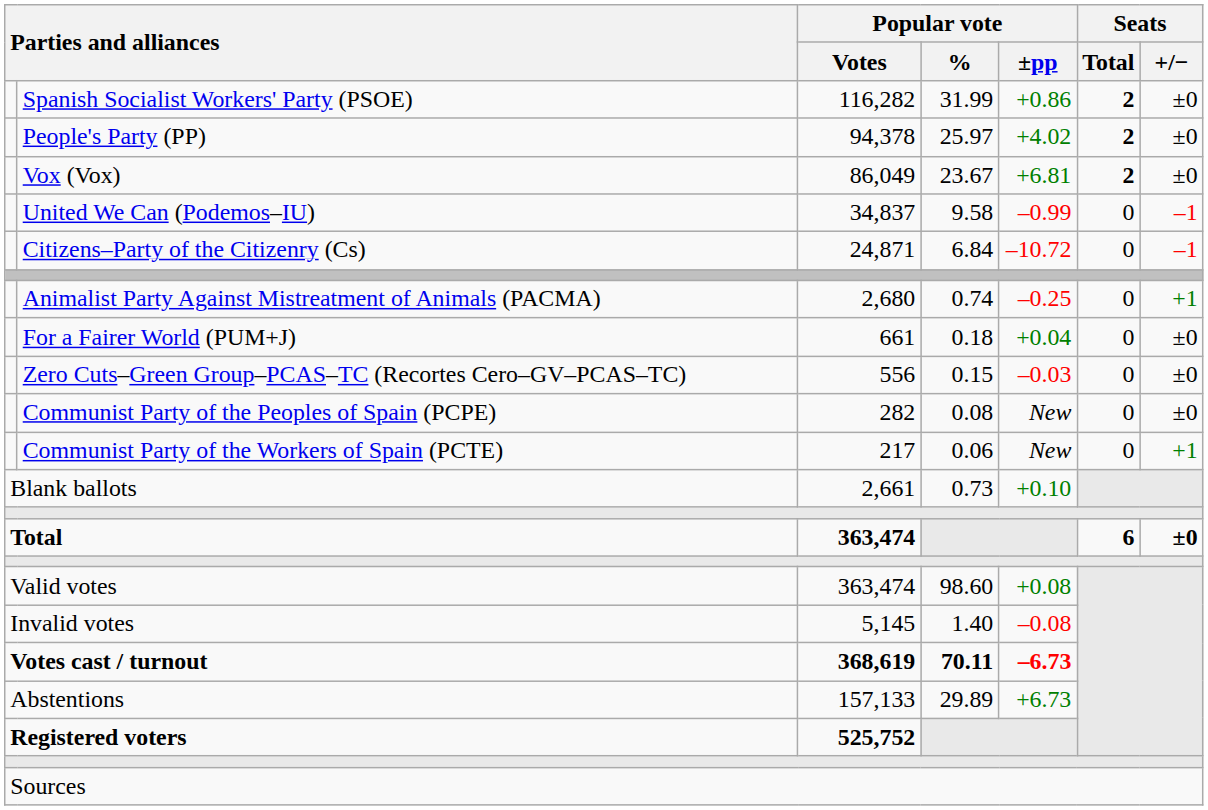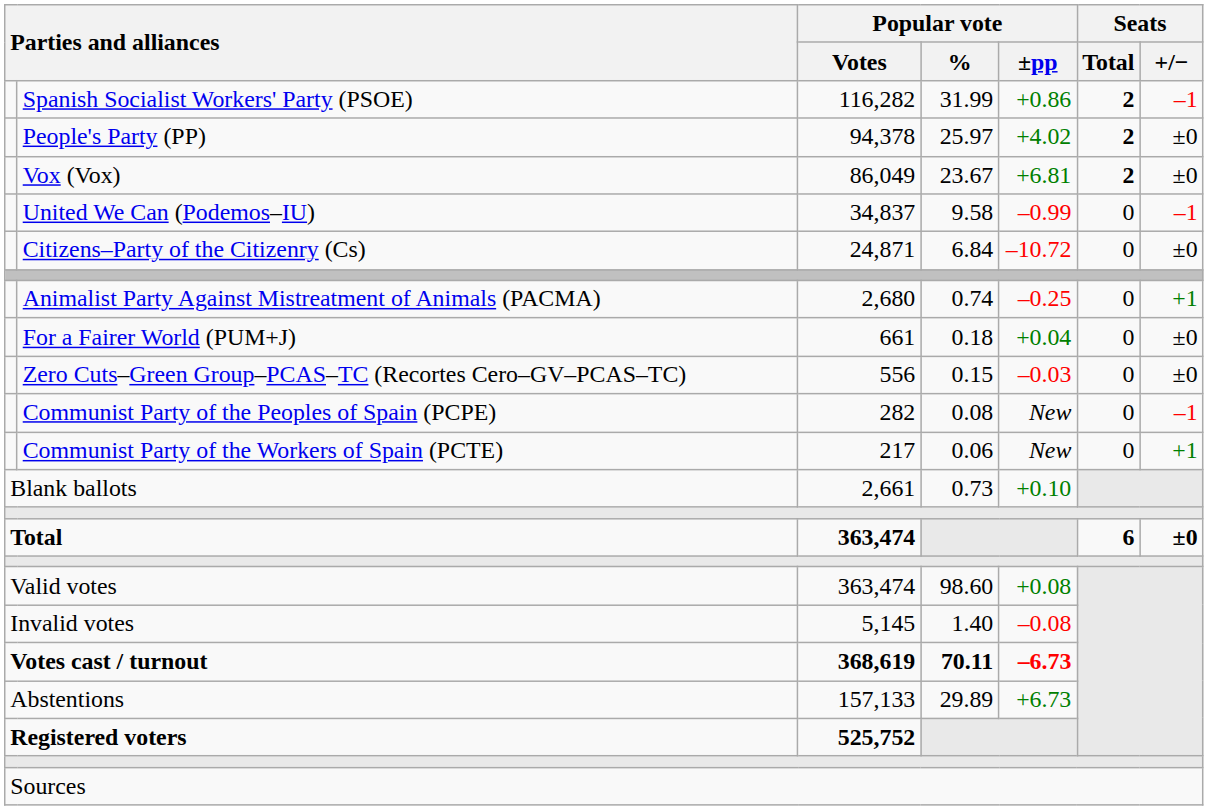 <table class="wikitable" style="text-align:right;">
 <tr>
 <th style="text-align:left;" rowspan="2" colspan="2" width="525">Parties and alliances</th>
 <th colspan="3">Popular vote</th>
 <th colspan="2">Seats</th>
 </tr>
 <tr>
 <th width="75">Votes</th>
 <th width="45">%</th>
 <th width="45">±<a href='#'>pp</a></th>
 <th width="35">Total</th>
 <th width="35">+/−</th>
 </tr>
 <tr>
 <td width="1" style="color:inherit;background:"></td>
 <td align="left"><a href='#'>Spanish Socialist Workers' Party</a> (PSOE)</td>
 <td>116,282</td>
 <td>31.99</td>
 <td style="color:green;">+0.86</td>
 <td><strong>2</strong></td>
-<td>±0</td>
+<td style="color:red;">–1</td>
 </tr>
 <tr>
 <td style="color:inherit;background:"></td>
 <td align="left"><a href='#'>People's Party</a> (PP)</td>
 <td>94,378</td>
 <td>25.97</td>
 <td style="color:green;">+4.02</td>
 <td><strong>2</strong></td>
 <td>±0</td>
 </tr>
 <tr>
 <td style="color:inherit;background:"></td>
 <td align="left"><a href='#'>Vox</a> (Vox)</td>
 <td>86,049</td>
 <td>23.67</td>
 <td style="color:green;">+6.81</td>
 <td><strong>2</strong></td>
 <td>±0</td>
 </tr>
 <tr>
 <td style="color:inherit;background:"></td>
 <td align="left"><a href='#'>United We Can</a> (<a href='#'>Podemos</a>–<a href='#'>IU</a>)</td>
 <td>34,837</td>
 <td>9.58</td>
 <td style="color:red;">–0.99</td>
 <td>0</td>
 <td style="color:red;">–1</td>
 </tr>
 <tr>
 <td style="color:inherit;background:"></td>
 <td align="left"><a href='#'>Citizens–Party of the Citizenry</a> (Cs)</td>
 <td>24,871</td>
 <td>6.84</td>
 <td style="color:red;">–10.72</td>
 <td>0</td>
-<td style="color:red;">–1</td>
+<td>±0</td>
 </tr>
 <tr>
 <td colspan="7" bgcolor="#C0C0C0"></td>
 </tr>
 <tr>
 <td style="color:inherit;background:"></td>
 <td align="left"><a href='#'>Animalist Party Against Mistreatment of Animals</a> (PACMA)</td>
 <td>2,680</td>
 <td>0.74</td>
 <td style="color:red;">–0.25</td>
 <td>0</td>
 <td style="color:green;">+1</td>
 </tr>
 <tr>
 <td style="color:inherit;background:"></td>
 <td align="left"><a href='#'>For a Fairer World</a> (PUM+J)</td>
 <td>661</td>
 <td>0.18</td>
 <td style="color:green;">+0.04</td>
 <td>0</td>
 <td>±0</td>
 </tr>
 <tr>
 <td style="color:inherit;background:"></td>
 <td align="left"><a href='#'>Zero Cuts</a>–<a href='#'>Green Group</a>–<a href='#'>PCAS</a>–<a href='#'>TC</a> (Recortes Cero–GV–PCAS–TC)</td>
 <td>556</td>
 <td>0.15</td>
 <td style="color:red;">–0.03</td>
 <td>0</td>
 <td>±0</td>
 </tr>
 <tr>
 <td style="color:inherit;background:"></td>
 <td align="left"><a href='#'>Communist Party of the Peoples of Spain</a> (PCPE)</td>
 <td>282</td>
 <td>0.08</td>
 <td><em>New</em></td>
 <td>0</td>
-<td>±0</td>
+<td style="color:red;">–1</td>
 </tr>
 <tr>
 <td style="color:inherit;background:"></td>
 <td align="left"><a href='#'>Communist Party of the Workers of Spain</a> (PCTE)</td>
 <td>217</td>
 <td>0.06</td>
 <td><em>New</em></td>
 <td>0</td>
 <td style="color:green;">+1</td>
 </tr>
 <tr>
 <td align="left" colspan="2">Blank ballots</td>
 <td>2,661</td>
 <td>0.73</td>
 <td style="color:green;">+0.10</td>
 <td bgcolor="#E9E9E9" colspan="2"></td>
 </tr>
 <tr>
 <td colspan="7" bgcolor="#E9E9E9"></td>
 </tr>
 <tr style="font-weight:bold;">
 <td align="left" colspan="2">Total</td>
 <td>363,474</td>
 <td bgcolor="#E9E9E9" colspan="2"></td>
 <td>6</td>
 <td>±0</td>
 </tr>
 <tr>
 <td colspan="7" bgcolor="#E9E9E9"></td>
 </tr>
 <tr>
 <td align="left" colspan="2">Valid votes</td>
 <td>363,474</td>
 <td>98.60</td>
 <td style="color:green;">+0.08</td>
 <td bgcolor="#E9E9E9" colspan="2" rowspan="5"></td>
 </tr>
 <tr>
 <td align="left" colspan="2">Invalid votes</td>
 <td>5,145</td>
 <td>1.40</td>
 <td style="color:red;">–0.08</td>
 </tr>
 <tr style="font-weight:bold;">
 <td align="left" colspan="2">Votes cast / turnout</td>
 <td>368,619</td>
 <td>70.11</td>
 <td style="color:red;">–6.73</td>
 </tr>
 <tr>
 <td align="left" colspan="2">Abstentions</td>
 <td>157,133</td>
 <td>29.89</td>
 <td style="color:green;">+6.73</td>
 </tr>
 <tr style="font-weight:bold;">
 <td align="left" colspan="2">Registered voters</td>
 <td>525,752</td>
 <td bgcolor="#E9E9E9" colspan="2"></td>
 </tr>
 <tr>
 <td colspan="7" bgcolor="#E9E9E9"></td>
 </tr>
 <tr>
 <td align="left" colspan="7">Sources</td>
 </tr>
 </table>
